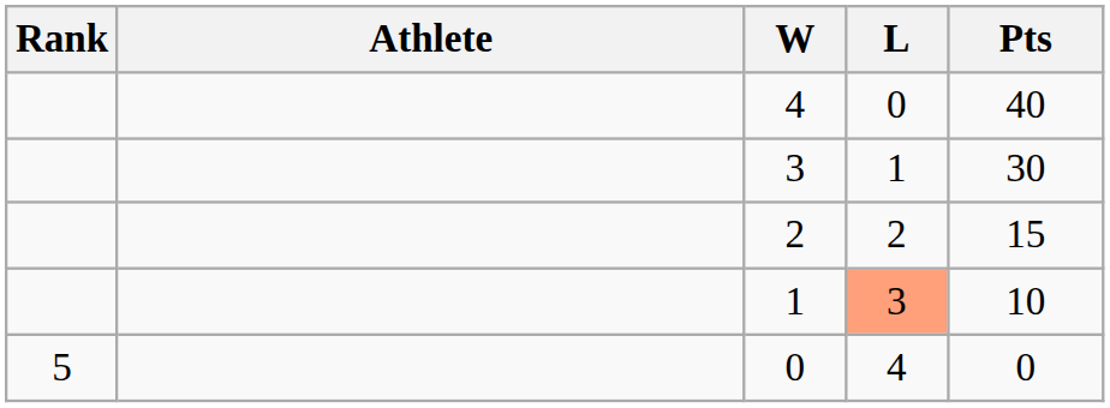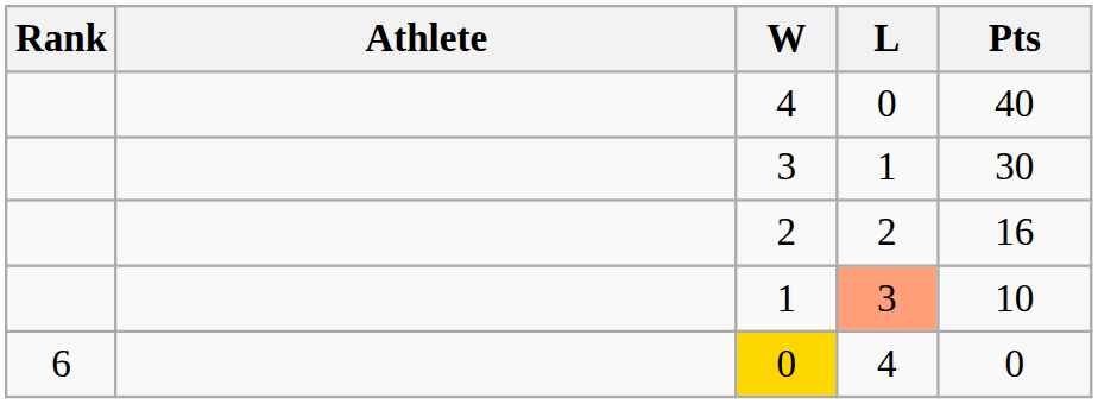 <table class="wikitable" style="text-align: center; font-size:90% ">
 <tr>
 <th width="20">Rank</th>
 <th width="220">Athlete</th>
 <th width="30">W</th>
 <th width="30">L</th>
 <th width="50">Pts</th>
 </tr>
 <tr>
 <td></td>
 <td align=left><strong></strong></td>
 <td>4</td>
 <td>0</td>
 <td>40</td>
 </tr>
 <tr>
 <td></td>
 <td align=left><strong></strong></td>
 <td>3</td>
 <td>1</td>
 <td>30</td>
 </tr>
 <tr>
 <td></td>
 <td align=left><strong></strong></td>
 <td>2</td>
 <td>2</td>
-<td>15</td>
+<td>16</td>
 </tr>
 <tr>
 <td></td>
 <td align=left><strong></strong></td>
 <td>1</td>
 <td style="background: lightsalmon;">3</td>
 <td>10</td>
 </tr>
 <tr>
-<td>5</td>
+<td>6</td>
 <td align=left></td>
-<td>0</td>
+<td style="background: gold;">0</td>
 <td>4</td>
 <td>0</td>
 </tr>
 </table>
